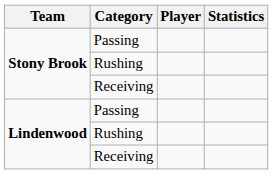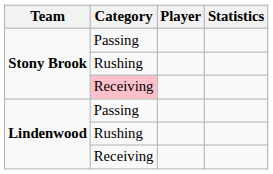 <table class="wikitable" style="float: right;">
 <tr>
 <th>Team</th>
 <th>Category</th>
 <th>Player</th>
 <th>Statistics</th>
 </tr>
 <tr>
 <td rowspan=3><strong>Stony Brook</strong></td>
 <td>Passing</td>
 <td></td>
 <td></td>
 </tr>
 <tr>
 <td>Rushing</td>
 <td></td>
 <td></td>
 </tr>
 <tr>
-<td>Receiving</td>
+<td style="background: pink;">Receiving</td>
 <td></td>
 <td></td>
 </tr>
 <tr>
 <td rowspan=3><strong>Lindenwood</strong></td>
 <td>Passing</td>
 <td></td>
 <td></td>
 </tr>
 <tr>
 <td>Rushing</td>
 <td></td>
 <td></td>
 </tr>
 <tr>
 <td>Receiving</td>
 <td></td>
 <td></td>
 </tr>
 </table>
